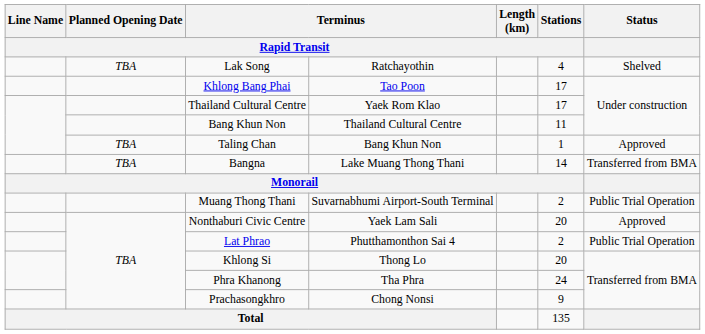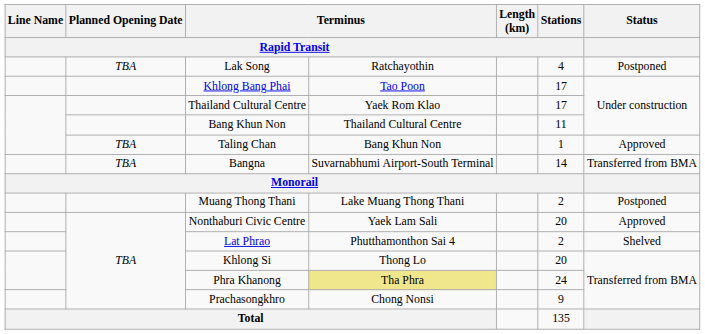 <table class="wikitable" style="margin:auto;font-align:center;text-align:center;font-size:80%;">
 <tr>
 <th>Line Name</th>
 <th>Planned Opening Date</th>
 <th colspan="2">Terminus</th>
 <th>Length<br>(km)</th>
 <th>Stations</th>
 <th>Status</th>
 </tr>
 <tr>
 <th colspan="6"><strong><a href='#'>Rapid Transit</a></strong></th>
 <th></th>
 </tr>
 <tr>
 <td style="background:#"><strong><a href='#'></a></strong></td>
 <td><abbr><em>TBA</em></abbr></td>
 <td>Lak Song</td>
 <td>Ratchayothin</td>
 <td></td>
 <td>4</td>
-<td>Shelved</td>
+<td>Postponed</td>
 </tr>
 <tr>
 <td style="background:#"><strong><a href='#'></a></strong></td>
 <td></td>
 <td><a href='#'>Khlong Bang Phai</a></td>
 <td><a href='#'>Tao Poon</a></td>
 <td></td>
 <td>17</td>
 <td rowspan="3">Under construction</td>
 </tr>
 <tr>
 <td rowspan="3" style="background:#"><strong><a href='#'></a></strong></td>
 <td></td>
 <td>Thailand Cultural Centre</td>
 <td>Yaek Rom Klao</td>
 <td></td>
 <td>17</td>
 </tr>
 <tr>
 <td></td>
 <td>Bang Khun Non</td>
 <td>Thailand Cultural Centre</td>
 <td></td>
 <td>11</td>
 </tr>
 <tr>
 <td><abbr><em>TBA</em></abbr></td>
 <td>Taling Chan</td>
 <td>Bang Khun Non</td>
 <td></td>
 <td>1</td>
 <td>Approved</td>
 </tr>
 <tr>
 <td style="background:#"><strong><a href='#'></a></strong></td>
 <td><abbr><em>TBA</em></abbr></td>
 <td>Bangna</td>
-<td>Lake Muang Thong Thani</td>
+<td>Suvarnabhumi Airport-South Terminal</td>
 <td></td>
 <td>14</td>
 <td>Transferred from BMA</td>
 </tr>
 <tr>
 <th colspan="6"><a href='#'>Monorail</a></th>
 <th></th>
 </tr>
 <tr>
 <td style="background:#"><strong><a href='#'></a></strong></td>
 <td><em></em></td>
 <td>Muang Thong Thani</td>
-<td>Suvarnabhumi Airport-South Terminal</td>
+<td>Lake Muang Thong Thani</td>
 <td></td>
 <td>2</td>
-<td>Public Trial Operation</td>
+<td>Postponed</td>
 </tr>
 <tr>
 <td style="background:#"><strong><a href='#'></a></strong></td>
 <td rowspan="5"><abbr><em>TBA</em></abbr></td>
 <td>Nonthaburi Civic Centre</td>
 <td>Yaek Lam Sali</td>
 <td></td>
 <td>20</td>
 <td>Approved</td>
 </tr>
 <tr>
 <td style="background:#"><strong><a href='#'></a></strong></td>
 <td><a href='#'>Lat Phrao</a></td>
 <td>Phutthamonthon Sai 4</td>
 <td></td>
 <td>2</td>
-<td>Public Trial Operation</td>
+<td>Shelved</td>
 </tr>
 <tr>
 <td rowspan="2" style="background:#"><strong><a href='#'></a></strong></td>
 <td>Khlong Si</td>
 <td>Thong Lo</td>
 <td></td>
 <td>20</td>
 <td rowspan="3">Transferred from BMA</td>
 </tr>
 <tr>
 <td>Phra Khanong</td>
-<td>Tha Phra</td>
+<td style="background: khaki;">Tha Phra</td>
 <td></td>
 <td>24</td>
 </tr>
 <tr>
 <td style="background:#"><strong><a href='#'></a></strong></td>
 <td>Prachasongkhro</td>
 <td>Chong Nonsi</td>
 <td></td>
 <td>9</td>
 </tr>
 <tr>
 <th colspan="4">Total</th>
 <td></td>
 <td>135</td>
 <th></th>
 </tr>
 </table>
